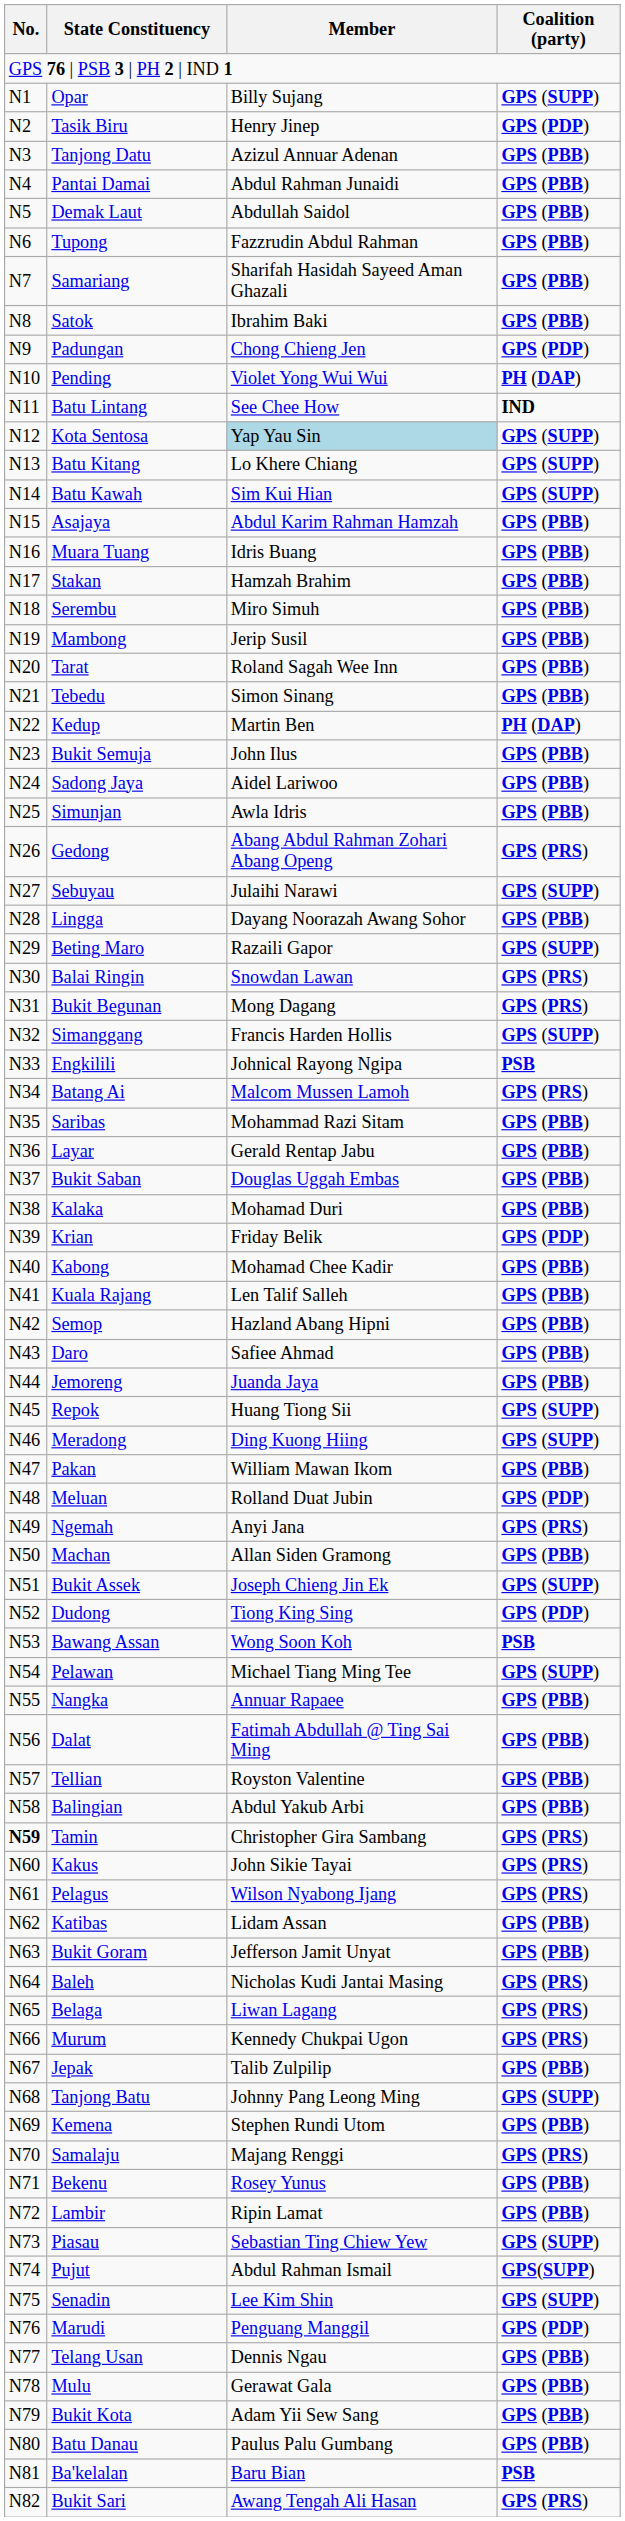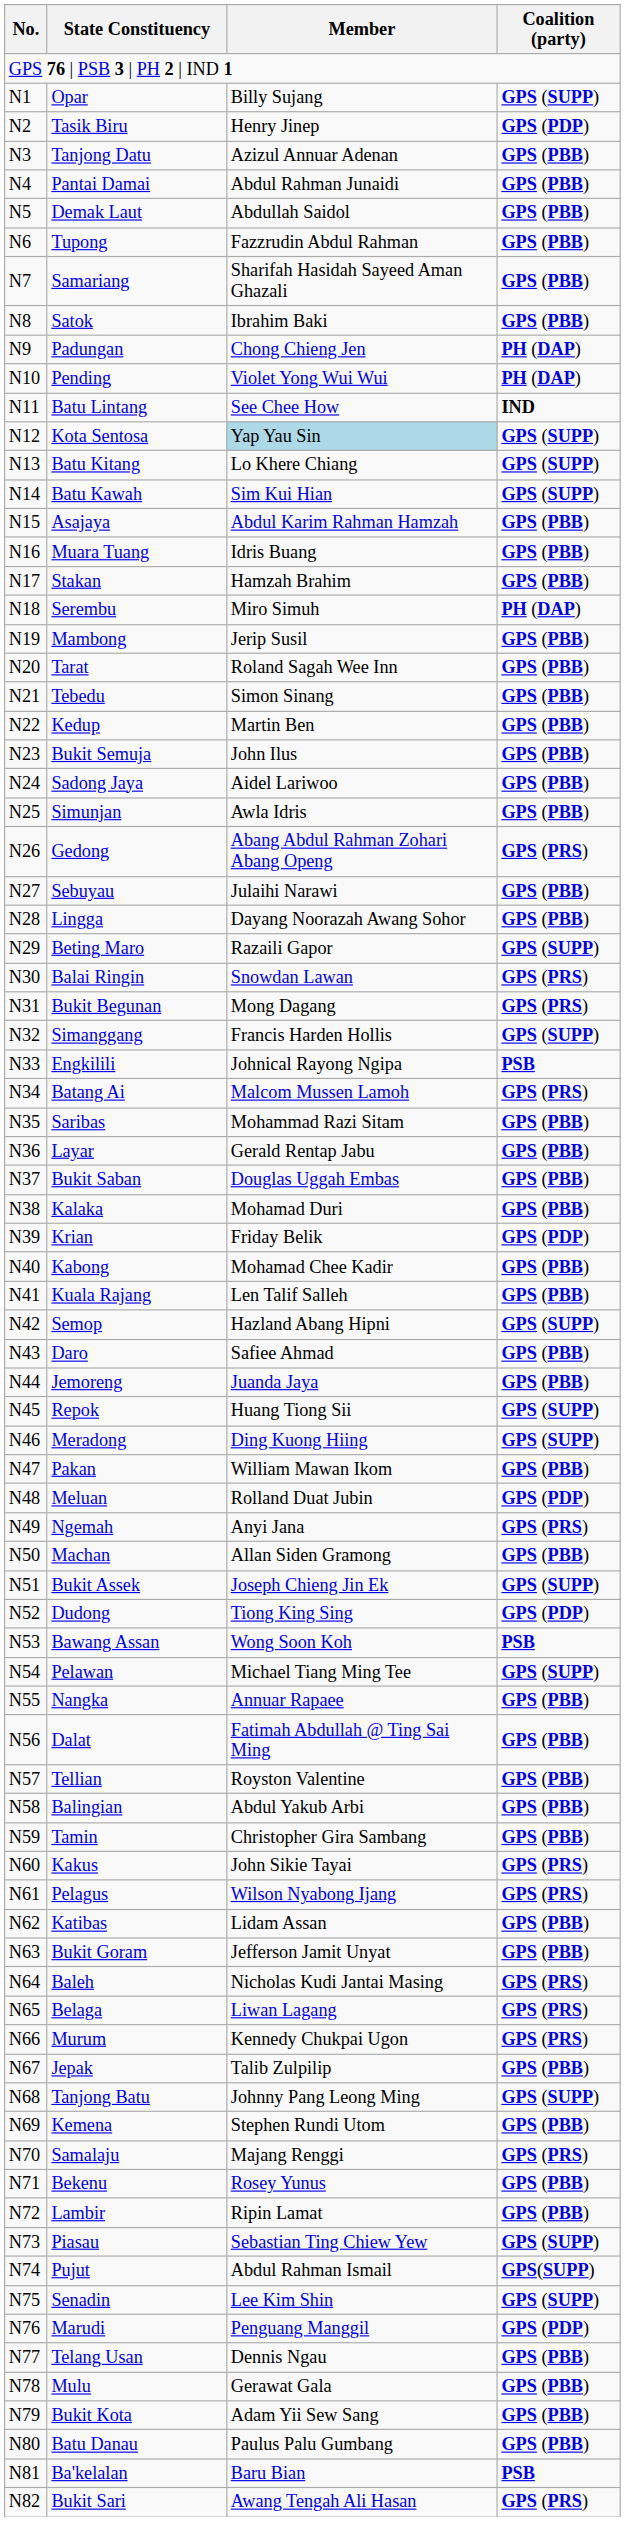 <table class="wikitable sortable">
 <tr>
 <th style="width:30px;">No.</th>
 <th style="width:150px;">State Constituency</th>
 <th style="width:230px;">Member</th>
 <th style="width:100px;">Coalition (party)</th>
 </tr>
 <tr>
 <td colspan="4"><a href='#'>GPS</a> <strong>76</strong> | <a href='#'>PSB</a> <strong>3</strong> | <a href='#'>PH</a> <strong>2</strong> | IND <strong>1</strong></td>
 </tr>
 <tr>
 <td>N1</td>
 <td><a href='#'>Opar</a></td>
 <td>Billy Sujang</td>
 <td style="background:"><strong><a href='#'>GPS</a></strong> (<strong><a href='#'>SUPP</a></strong>)</td>
 </tr>
 <tr>
 <td>N2</td>
 <td><a href='#'>Tasik Biru</a></td>
 <td>Henry Jinep</td>
 <td style="background:"><strong><a href='#'>GPS</a></strong> (<strong><a href='#'>PDP</a></strong>)</td>
 </tr>
 <tr>
 <td>N3</td>
 <td><a href='#'>Tanjong Datu</a></td>
 <td>Azizul Annuar Adenan</td>
 <td style="background:"><strong><a href='#'>GPS</a></strong> (<strong><a href='#'>PBB</a></strong>)</td>
 </tr>
 <tr>
 <td>N4</td>
 <td><a href='#'>Pantai Damai</a></td>
 <td>Abdul Rahman Junaidi</td>
 <td style="background:"><strong><a href='#'>GPS</a></strong> (<strong><a href='#'>PBB</a></strong>)</td>
 </tr>
 <tr>
 <td>N5</td>
 <td><a href='#'>Demak Laut</a></td>
 <td>Abdullah Saidol</td>
 <td style="background:"><strong><a href='#'>GPS</a></strong> (<strong><a href='#'>PBB</a></strong>)</td>
 </tr>
 <tr>
 <td>N6</td>
 <td><a href='#'>Tupong</a></td>
 <td>Fazzrudin Abdul Rahman</td>
 <td style="background:"><strong><a href='#'>GPS</a></strong> (<strong><a href='#'>PBB</a></strong>)</td>
 </tr>
 <tr>
 <td>N7</td>
 <td><a href='#'>Samariang</a></td>
 <td>Sharifah Hasidah Sayeed Aman Ghazali</td>
 <td style="background:"><strong><a href='#'>GPS</a></strong> (<strong><a href='#'>PBB</a></strong>)</td>
 </tr>
 <tr>
 <td>N8</td>
 <td><a href='#'>Satok</a></td>
 <td>Ibrahim Baki</td>
 <td style="background:"><strong><a href='#'>GPS</a></strong> (<strong><a href='#'>PBB</a></strong>)</td>
 </tr>
 <tr>
 <td>N9</td>
 <td><a href='#'>Padungan</a></td>
 <td><a href='#'>Chong Chieng Jen</a></td>
-<td style="background:"><strong><a href='#'>GPS</a></strong> (<strong><a href='#'>PDP</a></strong>)</td>
+<td style="background:"><strong><a href='#'>PH</a></strong> (<strong><a href='#'>DAP</a></strong>)</td>
 </tr>
 <tr>
 <td>N10</td>
 <td><a href='#'>Pending</a></td>
 <td><a href='#'>Violet Yong Wui Wui</a></td>
 <td style="background:"><strong><a href='#'>PH</a></strong> (<strong><a href='#'>DAP</a></strong>)</td>
 </tr>
 <tr>
 <td>N11</td>
 <td><a href='#'>Batu Lintang</a></td>
 <td><a href='#'>See Chee How</a></td>
 <td style="background:"><strong>IND</strong></td>
 </tr>
 <tr>
 <td>N12</td>
 <td><a href='#'>Kota Sentosa</a></td>
 <td style="background: lightblue;">Yap Yau Sin</td>
 <td style="background:"><strong><a href='#'>GPS</a></strong> (<strong><a href='#'>SUPP</a></strong>)</td>
 </tr>
 <tr>
 <td>N13</td>
 <td><a href='#'>Batu Kitang</a></td>
 <td>Lo Khere Chiang</td>
 <td style="background:"><strong><a href='#'>GPS</a></strong> (<strong><a href='#'>SUPP</a></strong>)</td>
 </tr>
 <tr>
 <td>N14</td>
 <td><a href='#'>Batu Kawah</a></td>
 <td><a href='#'>Sim Kui Hian</a></td>
 <td style="background:"><strong><a href='#'>GPS</a></strong> (<strong><a href='#'>SUPP</a></strong>)</td>
 </tr>
 <tr>
 <td>N15</td>
 <td><a href='#'>Asajaya</a></td>
 <td><a href='#'>Abdul Karim Rahman Hamzah</a></td>
 <td style="background:"><strong><a href='#'>GPS</a></strong> (<strong><a href='#'>PBB</a></strong>)</td>
 </tr>
 <tr>
 <td>N16</td>
 <td><a href='#'>Muara Tuang</a></td>
 <td>Idris Buang</td>
 <td style="background:"><strong><a href='#'>GPS</a></strong> (<strong><a href='#'>PBB</a></strong>)</td>
 </tr>
 <tr>
 <td>N17</td>
 <td><a href='#'>Stakan</a></td>
 <td>Hamzah Brahim</td>
 <td style="background:"><strong><a href='#'>GPS</a></strong> (<strong><a href='#'>PBB</a></strong>)</td>
 </tr>
 <tr>
 <td>N18</td>
 <td><a href='#'>Serembu</a></td>
 <td>Miro Simuh</td>
-<td style="background:"><strong><a href='#'>GPS</a></strong> (<strong><a href='#'>PBB</a></strong>)</td>
+<td style="background:"><strong><a href='#'>PH</a></strong> (<strong><a href='#'>DAP</a></strong>)</td>
 </tr>
 <tr>
 <td>N19</td>
 <td><a href='#'>Mambong</a></td>
 <td>Jerip Susil</td>
 <td style="background:"><strong><a href='#'>GPS</a></strong> (<strong><a href='#'>PBB</a></strong>)</td>
 </tr>
 <tr>
 <td>N20</td>
 <td><a href='#'>Tarat</a></td>
 <td>Roland Sagah Wee Inn</td>
 <td style="background:"><strong><a href='#'>GPS</a></strong> (<strong><a href='#'>PBB</a></strong>)</td>
 </tr>
 <tr>
 <td>N21</td>
 <td><a href='#'>Tebedu</a></td>
 <td>Simon Sinang</td>
 <td style="background:"><strong><a href='#'>GPS</a></strong> (<strong><a href='#'>PBB</a></strong>)</td>
 </tr>
 <tr>
 <td>N22</td>
 <td><a href='#'>Kedup</a></td>
 <td>Martin Ben</td>
-<td style="background:"><strong><a href='#'>PH</a></strong> (<strong><a href='#'>DAP</a></strong>)</td>
+<td style="background:"><strong><a href='#'>GPS</a></strong> (<strong><a href='#'>PBB</a></strong>)</td>
 </tr>
 <tr>
 <td>N23</td>
 <td><a href='#'>Bukit Semuja</a></td>
 <td>John Ilus</td>
 <td style="background:"><strong><a href='#'>GPS</a></strong> (<strong><a href='#'>PBB</a></strong>)</td>
 </tr>
 <tr>
 <td>N24</td>
 <td><a href='#'>Sadong Jaya</a></td>
 <td>Aidel Lariwoo</td>
 <td style="background:"><strong><a href='#'>GPS</a></strong> (<strong><a href='#'>PBB</a></strong>)</td>
 </tr>
 <tr>
 <td>N25</td>
 <td><a href='#'>Simunjan</a></td>
 <td>Awla Idris</td>
 <td style="background:"><strong><a href='#'>GPS</a></strong> (<strong><a href='#'>PBB</a></strong>)</td>
 </tr>
 <tr>
 <td>N26</td>
 <td><a href='#'>Gedong</a></td>
 <td><a href='#'>Abang Abdul Rahman Zohari Abang Openg</a></td>
 <td style="background:"><strong><a href='#'>GPS</a></strong> (<strong><a href='#'>PRS</a></strong>)</td>
 </tr>
 <tr>
 <td>N27</td>
 <td><a href='#'>Sebuyau</a></td>
 <td>Julaihi Narawi</td>
-<td style="background:"><strong><a href='#'>GPS</a></strong> (<strong><a href='#'>SUPP</a></strong>)</td>
+<td style="background:"><strong><a href='#'>GPS</a></strong> (<strong><a href='#'>PBB</a></strong>)</td>
 </tr>
 <tr>
 <td>N28</td>
 <td><a href='#'>Lingga</a></td>
 <td>Dayang Noorazah Awang Sohor</td>
 <td style="background:"><strong><a href='#'>GPS</a></strong> (<strong><a href='#'>PBB</a></strong>)</td>
 </tr>
 <tr>
 <td>N29</td>
 <td><a href='#'>Beting Maro</a></td>
 <td>Razaili Gapor</td>
 <td style="background:"><strong><a href='#'>GPS</a></strong> (<strong><a href='#'>SUPP</a></strong>)</td>
 </tr>
 <tr>
 <td>N30</td>
 <td><a href='#'>Balai Ringin</a></td>
 <td><a href='#'>Snowdan Lawan</a></td>
 <td style="background:"><strong><a href='#'>GPS</a></strong> (<strong><a href='#'>PRS</a></strong>)</td>
 </tr>
 <tr>
 <td>N31</td>
 <td><a href='#'>Bukit Begunan</a></td>
 <td>Mong Dagang</td>
 <td style="background:"><strong><a href='#'>GPS</a></strong> (<strong><a href='#'>PRS</a></strong>)</td>
 </tr>
 <tr>
 <td>N32</td>
 <td><a href='#'>Simanggang</a></td>
 <td>Francis Harden Hollis</td>
 <td style="background:"><strong><a href='#'>GPS</a></strong> (<strong><a href='#'>SUPP</a></strong>)</td>
 </tr>
 <tr>
 <td>N33</td>
 <td><a href='#'>Engkilili</a></td>
 <td>Johnical Rayong Ngipa</td>
 <td style="background:"><strong><a href='#'>PSB</a></strong></td>
 </tr>
 <tr>
 <td>N34</td>
 <td><a href='#'>Batang Ai</a></td>
 <td><a href='#'>Malcom Mussen Lamoh</a></td>
 <td style="background:"><strong><a href='#'>GPS</a></strong> (<strong><a href='#'>PRS</a></strong>)</td>
 </tr>
 <tr>
 <td>N35</td>
 <td><a href='#'>Saribas</a></td>
 <td>Mohammad Razi Sitam</td>
 <td style="background:"><strong><a href='#'>GPS</a></strong> (<strong><a href='#'>PBB</a></strong>)</td>
 </tr>
 <tr>
 <td>N36</td>
 <td><a href='#'>Layar</a></td>
 <td>Gerald Rentap Jabu</td>
 <td style="background:"><strong><a href='#'>GPS</a></strong> (<strong><a href='#'>PBB</a></strong>)</td>
 </tr>
 <tr>
 <td>N37</td>
 <td><a href='#'>Bukit Saban</a></td>
 <td><a href='#'>Douglas Uggah Embas</a></td>
 <td style="background:"><strong><a href='#'>GPS</a></strong> (<strong><a href='#'>PBB</a></strong>)</td>
 </tr>
 <tr>
 <td>N38</td>
 <td><a href='#'>Kalaka</a></td>
 <td>Mohamad Duri</td>
 <td style="background:"><strong><a href='#'>GPS</a></strong> (<strong><a href='#'>PBB</a></strong>)</td>
 </tr>
 <tr>
 <td>N39</td>
 <td><a href='#'>Krian</a></td>
 <td>Friday Belik</td>
 <td style="background:"><strong><a href='#'>GPS</a></strong> (<strong><a href='#'>PDP</a></strong>)</td>
 </tr>
 <tr>
 <td>N40</td>
 <td><a href='#'>Kabong</a></td>
 <td>Mohamad Chee Kadir</td>
 <td style="background:"><strong><a href='#'>GPS</a></strong> (<strong><a href='#'>PBB</a></strong>)</td>
 </tr>
 <tr>
 <td>N41</td>
 <td><a href='#'>Kuala Rajang</a></td>
 <td>Len Talif Salleh</td>
 <td style="background:"><strong><a href='#'>GPS</a></strong> (<strong><a href='#'>PBB</a></strong>)</td>
 </tr>
 <tr>
 <td>N42</td>
 <td><a href='#'>Semop</a></td>
 <td>Hazland Abang Hipni</td>
-<td style="background:"><strong><a href='#'>GPS</a></strong> (<strong><a href='#'>PBB</a></strong>)</td>
+<td style="background:"><strong><a href='#'>GPS</a></strong> (<strong><a href='#'>SUPP</a></strong>)</td>
 </tr>
 <tr>
 <td>N43</td>
 <td><a href='#'>Daro</a></td>
 <td>Safiee Ahmad</td>
 <td style="background:"><strong><a href='#'>GPS</a></strong> (<strong><a href='#'>PBB</a></strong>)</td>
 </tr>
 <tr>
 <td>N44</td>
 <td><a href='#'>Jemoreng</a></td>
 <td><a href='#'>Juanda Jaya</a></td>
 <td style="background:"><strong><a href='#'>GPS</a></strong> (<strong><a href='#'>PBB</a></strong>)</td>
 </tr>
 <tr>
 <td>N45</td>
 <td><a href='#'>Repok</a></td>
 <td>Huang Tiong Sii</td>
 <td style="background:"><strong><a href='#'>GPS</a></strong> (<strong><a href='#'>SUPP</a></strong>)</td>
 </tr>
 <tr>
 <td>N46</td>
 <td><a href='#'>Meradong</a></td>
 <td><a href='#'>Ding Kuong Hiing</a></td>
 <td style="background:"><strong><a href='#'>GPS</a></strong> (<strong><a href='#'>SUPP</a></strong>)</td>
 </tr>
 <tr>
 <td>N47</td>
 <td><a href='#'>Pakan</a></td>
 <td>William Mawan Ikom</td>
 <td style="background:"><strong><a href='#'>GPS</a></strong> (<strong><a href='#'>PBB</a></strong>)</td>
 </tr>
 <tr>
 <td>N48</td>
 <td><a href='#'>Meluan</a></td>
 <td>Rolland Duat Jubin</td>
 <td style="background:"><strong><a href='#'>GPS</a></strong> (<strong><a href='#'>PDP</a></strong>)</td>
 </tr>
 <tr>
 <td>N49</td>
 <td><a href='#'>Ngemah</a></td>
 <td>Anyi Jana</td>
 <td style="background:"><strong><a href='#'>GPS</a></strong> (<strong><a href='#'>PRS</a></strong>)</td>
 </tr>
 <tr>
 <td>N50</td>
 <td><a href='#'>Machan</a></td>
 <td>Allan Siden Gramong</td>
 <td style="background:"><strong><a href='#'>GPS</a></strong> (<strong><a href='#'>PBB</a></strong>)</td>
 </tr>
 <tr>
 <td>N51</td>
 <td><a href='#'>Bukit Assek</a></td>
 <td><a href='#'>Joseph Chieng Jin Ek</a></td>
 <td style="background:"><strong><a href='#'>GPS</a></strong> (<strong><a href='#'>SUPP</a></strong>)</td>
 </tr>
 <tr>
 <td>N52</td>
 <td><a href='#'>Dudong</a></td>
 <td><a href='#'>Tiong King Sing</a></td>
 <td style="background:"><strong><a href='#'>GPS</a></strong> (<strong><a href='#'>PDP</a></strong>)</td>
 </tr>
 <tr>
 <td>N53</td>
 <td><a href='#'>Bawang Assan</a></td>
 <td><a href='#'>Wong Soon Koh</a></td>
 <td style="background:"><strong><a href='#'>PSB</a></strong></td>
 </tr>
 <tr>
 <td>N54</td>
 <td><a href='#'>Pelawan</a></td>
 <td>Michael Tiang Ming Tee</td>
 <td style="background:"><strong><a href='#'>GPS</a></strong> (<strong><a href='#'>SUPP</a></strong>)</td>
 </tr>
 <tr>
 <td>N55</td>
 <td><a href='#'>Nangka</a></td>
 <td><a href='#'>Annuar Rapaee</a></td>
 <td style="background:"><strong><a href='#'>GPS</a></strong> (<strong><a href='#'>PBB</a></strong>)</td>
 </tr>
 <tr>
 <td>N56</td>
 <td><a href='#'>Dalat</a></td>
 <td><a href='#'>Fatimah Abdullah @ Ting Sai Ming</a></td>
 <td style="background:"><strong><a href='#'>GPS</a></strong> (<strong><a href='#'>PBB</a></strong>)</td>
 </tr>
 <tr>
 <td>N57</td>
 <td><a href='#'>Tellian</a></td>
 <td>Royston Valentine</td>
 <td style="background:"><strong><a href='#'>GPS</a></strong> (<strong><a href='#'>PBB</a></strong>)</td>
 </tr>
 <tr>
 <td>N58</td>
 <td><a href='#'>Balingian</a></td>
 <td>Abdul Yakub Arbi</td>
 <td style="background:"><strong><a href='#'>GPS</a></strong> (<strong><a href='#'>PBB</a></strong>)</td>
 </tr>
 <tr>
-<td><strong>N59</strong></td>
+<td>N59</td>
 <td><a href='#'>Tamin</a></td>
 <td>Christopher Gira Sambang</td>
-<td style="background:"><strong><a href='#'>GPS</a></strong> (<strong><a href='#'>PRS</a></strong>)</td>
+<td style="background:"><strong><a href='#'>GPS</a></strong> (<strong><a href='#'>PBB</a></strong>)</td>
 </tr>
 <tr>
 <td>N60</td>
 <td><a href='#'>Kakus</a></td>
 <td>John Sikie Tayai</td>
 <td style="background:"><strong><a href='#'>GPS</a></strong> (<strong><a href='#'>PRS</a></strong>)</td>
 </tr>
 <tr>
 <td>N61</td>
 <td><a href='#'>Pelagus</a></td>
 <td><a href='#'>Wilson Nyabong Ijang</a></td>
 <td style="background:"><strong><a href='#'>GPS</a></strong> (<strong><a href='#'>PRS</a></strong>)</td>
 </tr>
 <tr>
 <td>N62</td>
 <td><a href='#'>Katibas</a></td>
 <td>Lidam Assan</td>
 <td style="background:"><strong><a href='#'>GPS</a></strong> (<strong><a href='#'>PBB</a></strong>)</td>
 </tr>
 <tr>
 <td>N63</td>
 <td><a href='#'>Bukit Goram</a></td>
 <td>Jefferson Jamit Unyat</td>
 <td style="background:"><strong><a href='#'>GPS</a></strong> (<strong><a href='#'>PBB</a></strong>)</td>
 </tr>
 <tr>
 <td>N64</td>
 <td><a href='#'>Baleh</a></td>
 <td>Nicholas Kudi Jantai Masing</td>
 <td style="background:"><strong><a href='#'>GPS</a></strong> (<strong><a href='#'>PRS</a></strong>)</td>
 </tr>
 <tr>
 <td>N65</td>
 <td><a href='#'>Belaga</a></td>
 <td><a href='#'>Liwan Lagang</a></td>
 <td style="background:"><strong><a href='#'>GPS</a></strong> (<strong><a href='#'>PRS</a></strong>)</td>
 </tr>
 <tr>
 <td>N66</td>
 <td><a href='#'>Murum</a></td>
 <td>Kennedy Chukpai Ugon</td>
 <td style="background:"><strong><a href='#'>GPS</a></strong> (<strong><a href='#'>PRS</a></strong>)</td>
 </tr>
 <tr>
 <td>N67</td>
 <td><a href='#'>Jepak</a></td>
 <td>Talib Zulpilip</td>
 <td style="background:"><strong><a href='#'>GPS</a></strong> (<strong><a href='#'>PBB</a></strong>)</td>
 </tr>
 <tr>
 <td>N68</td>
 <td><a href='#'>Tanjong Batu</a></td>
 <td>Johnny Pang Leong Ming</td>
 <td style="background:"><strong><a href='#'>GPS</a></strong> (<strong><a href='#'>SUPP</a></strong>)</td>
 </tr>
 <tr>
 <td>N69</td>
 <td><a href='#'>Kemena</a></td>
 <td>Stephen Rundi Utom</td>
 <td style="background:"><strong><a href='#'>GPS</a></strong> (<strong><a href='#'>PBB</a></strong>)</td>
 </tr>
 <tr>
 <td>N70</td>
 <td><a href='#'>Samalaju</a></td>
 <td>Majang Renggi</td>
 <td style="background:"><strong><a href='#'>GPS</a></strong> (<strong><a href='#'>PRS</a></strong>)</td>
 </tr>
 <tr>
 <td>N71</td>
 <td><a href='#'>Bekenu</a></td>
 <td><a href='#'>Rosey Yunus</a></td>
 <td style="background:"><strong><a href='#'>GPS</a></strong> (<strong><a href='#'>PBB</a></strong>)</td>
 </tr>
 <tr>
 <td>N72</td>
 <td><a href='#'>Lambir</a></td>
 <td>Ripin Lamat</td>
 <td style="background:"><strong><a href='#'>GPS</a></strong> (<strong><a href='#'>PBB</a></strong>)</td>
 </tr>
 <tr>
 <td>N73</td>
 <td><a href='#'>Piasau</a></td>
 <td><a href='#'>Sebastian Ting Chiew Yew</a></td>
 <td style="background:"><strong><a href='#'>GPS</a></strong> (<strong><a href='#'>SUPP</a></strong>)</td>
 </tr>
 <tr>
 <td>N74</td>
 <td><a href='#'>Pujut</a></td>
 <td>Abdul Rahman Ismail</td>
 <td style="background:"><strong><a href='#'>GPS</a></strong>(<strong><a href='#'>SUPP</a></strong>)</td>
 </tr>
 <tr>
 <td>N75</td>
 <td><a href='#'>Senadin</a></td>
 <td><a href='#'>Lee Kim Shin</a></td>
 <td style="background:"><strong><a href='#'>GPS</a></strong> (<strong><a href='#'>SUPP</a></strong>)</td>
 </tr>
 <tr>
 <td>N76</td>
 <td><a href='#'>Marudi</a></td>
 <td><a href='#'>Penguang Manggil</a></td>
 <td style="background:"><strong><a href='#'>GPS</a></strong> (<strong><a href='#'>PDP</a></strong>)</td>
 </tr>
 <tr>
 <td>N77</td>
 <td><a href='#'>Telang Usan</a></td>
 <td>Dennis Ngau</td>
 <td style="background:"><strong><a href='#'>GPS</a></strong> (<strong><a href='#'>PBB</a></strong>)</td>
 </tr>
 <tr>
 <td>N78</td>
 <td><a href='#'>Mulu</a></td>
 <td>Gerawat Gala</td>
 <td style="background:"><strong><a href='#'>GPS</a></strong> (<strong><a href='#'>PBB</a></strong>)</td>
 </tr>
 <tr>
 <td>N79</td>
 <td><a href='#'>Bukit Kota</a></td>
 <td>Adam Yii Sew Sang</td>
 <td style="background:"><strong><a href='#'>GPS</a></strong> (<strong><a href='#'>PBB</a></strong>)</td>
 </tr>
 <tr>
 <td>N80</td>
 <td><a href='#'>Batu Danau</a></td>
 <td>Paulus Palu Gumbang</td>
 <td style="background:"><strong><a href='#'>GPS</a></strong> (<strong><a href='#'>PBB</a></strong>)</td>
 </tr>
 <tr>
 <td>N81</td>
 <td><a href='#'>Ba'kelalan</a></td>
 <td><a href='#'>Baru Bian</a></td>
 <td style="background:"><strong><a href='#'>PSB</a></strong></td>
 </tr>
 <tr>
 <td>N82</td>
 <td><a href='#'>Bukit Sari</a></td>
 <td><a href='#'>Awang Tengah Ali Hasan</a></td>
 <td style="background:"><strong><a href='#'>GPS</a></strong> (<strong><a href='#'>PRS</a></strong>)</td>
 </tr>
 </table>
